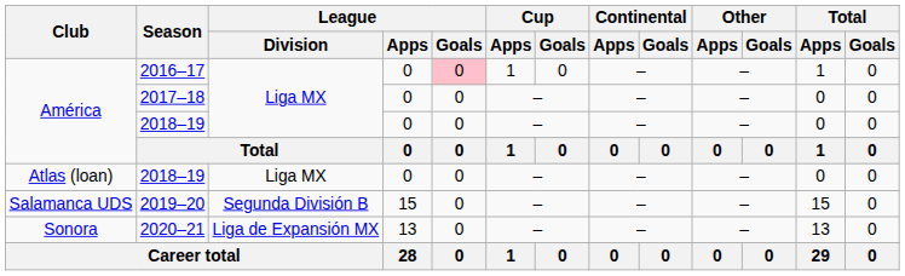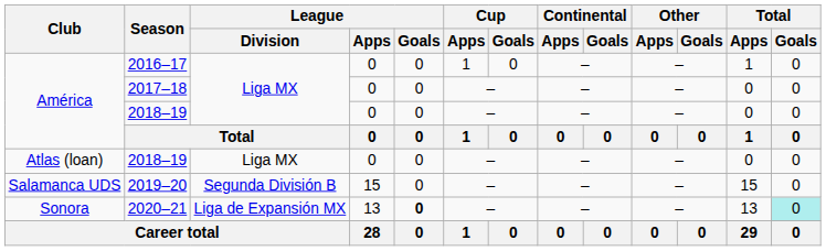 <table class="wikitable" style="text-align: center">
 <tr>
 <th rowspan="2">Club</th>
 <th rowspan="2">Season</th>
 <th colspan="3">League</th>
 <th colspan="2">Cup</th>
 <th colspan="2">Continental</th>
 <th colspan="2">Other</th>
 <th colspan="2">Total</th>
 </tr>
 <tr>
 <th>Division</th>
 <th>Apps</th>
 <th>Goals</th>
 <th>Apps</th>
 <th>Goals</th>
 <th>Apps</th>
 <th>Goals</th>
 <th>Apps</th>
 <th>Goals</th>
 <th>Apps</th>
 <th>Goals</th>
 </tr>
 <tr>
 <td rowspan="4"><a href='#'>América</a></td>
 <td><a href='#'>2016–17</a></td>
 <td rowspan="3"><a href='#'>Liga MX</a></td>
 <td>0</td>
-<td style="background: pink;">0</td>
+<td>0</td>
 <td>1</td>
 <td>0</td>
 <td colspan="2">–</td>
 <td colspan="2">–</td>
 <td>1</td>
 <td>0</td>
 </tr>
 <tr>
 <td><a href='#'>2017–18</a></td>
 <td>0</td>
 <td>0</td>
 <td colspan="2">–</td>
 <td colspan="2">–</td>
 <td colspan="2">–</td>
 <td>0</td>
 <td>0</td>
 </tr>
 <tr>
 <td><a href='#'>2018–19</a></td>
 <td>0</td>
 <td>0</td>
 <td colspan="2">–</td>
 <td colspan="2">–</td>
 <td colspan="2">–</td>
 <td>0</td>
 <td>0</td>
 </tr>
 <tr>
 <th colspan="2"><strong>Total</strong></th>
 <th>0</th>
 <th>0</th>
 <th>1</th>
 <th>0</th>
 <th>0</th>
 <th>0</th>
 <th>0</th>
 <th>0</th>
 <th>1</th>
 <th>0</th>
 </tr>
 <tr>
 <td><a href='#'>Atlas</a> (loan)</td>
 <td><a href='#'>2018–19</a></td>
 <td>Liga MX</td>
 <td>0</td>
 <td>0</td>
 <td colspan="2">–</td>
 <td colspan="2">–</td>
 <td colspan="2">–</td>
 <td>0</td>
 <td>0</td>
 </tr>
 <tr>
 <td><a href='#'>Salamanca UDS</a></td>
 <td><a href='#'>2019–20</a></td>
 <td><a href='#'>Segunda División B</a></td>
 <td>15</td>
 <td>0</td>
 <td colspan="2">–</td>
 <td colspan="2">–</td>
 <td colspan="2">–</td>
 <td>15</td>
 <td>0</td>
 </tr>
 <tr>
 <td><a href='#'>Sonora</a></td>
 <td><a href='#'>2020–21</a></td>
 <td><a href='#'>Liga de Expansión MX</a></td>
 <td>13</td>
-<td>0</td>
+<td><strong>0</strong></td>
 <td colspan="2">–</td>
 <td colspan="2">–</td>
 <td colspan="2">–</td>
 <td>13</td>
-<td>0</td>
+<td style="background: paleturquoise;">0</td>
 </tr>
 <tr>
 <th colspan="3"><strong>Career total</strong></th>
 <th>28</th>
 <th>0</th>
 <th>1</th>
 <th>0</th>
 <th>0</th>
 <th>0</th>
 <th>0</th>
 <th>0</th>
 <th>29</th>
 <th>0</th>
 </tr>
 </table>
